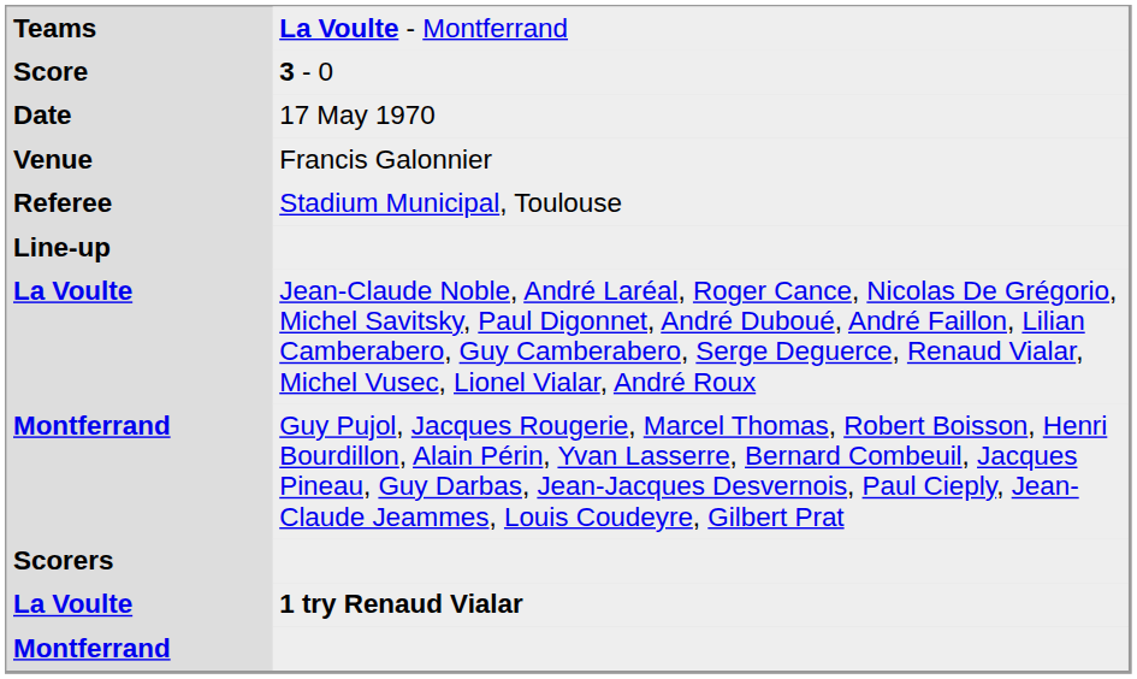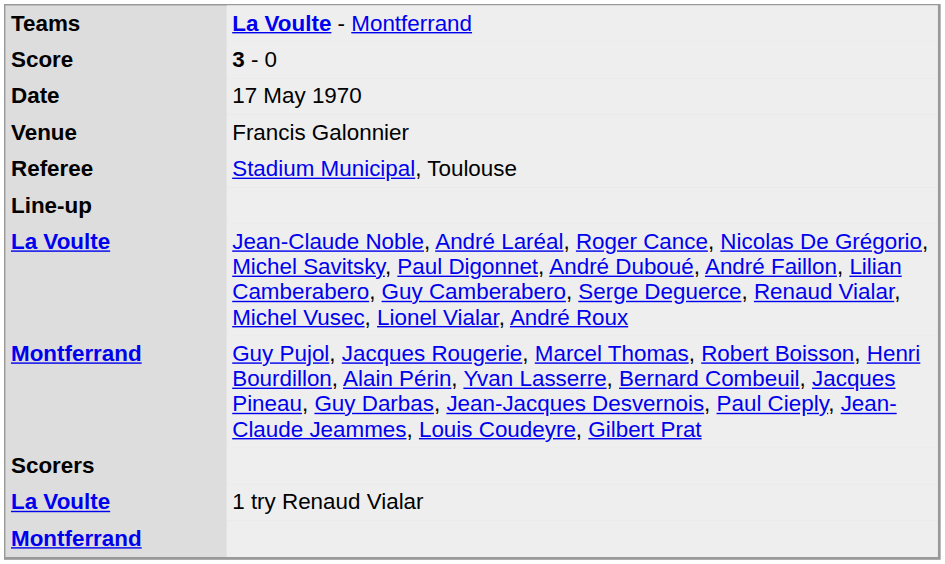 <table align="left" cellpadding="4" cellspacing="0"  style="margin: 0 0 0 0; border: 1px solid #999; border-right-width: 2px; border-bottom-width: 2px; background-color: #DDDDDD">
 <tr>
 <td width="150" valign="top"><strong>Teams</strong></td>
 <td width="500" bgcolor=#EEEEEE><strong><a href='#'>La Voulte</a></strong> - <a href='#'>Montferrand</a></td>
 </tr>
 <tr>
 <td valign="top"><strong>Score</strong></td>
 <td bgcolor=#EEEEEE><strong>3</strong> - 0</td>
 </tr>
 <tr>
 <td valign="top"><strong>Date</strong></td>
 <td bgcolor=#EEEEEE>17 May 1970</td>
 </tr>
 <tr>
 <td valign="top"><strong>Venue</strong></td>
 <td bgcolor=#EEEEEE>Francis Galonnier</td>
 </tr>
 <tr>
 <td valign="top"><strong>Referee</strong></td>
 <td bgcolor=#EEEEEE><a href='#'>Stadium Municipal</a>, Toulouse</td>
 </tr>
 <tr>
 <td valign="top"><strong>Line-up</strong></td>
 <td bgcolor=#EEEEEE></td>
 </tr>
 <tr>
 <td valign="top"><strong> <a href='#'>La Voulte</a> </strong></td>
 <td bgcolor=#EEEEEE><a href='#'>Jean-Claude Noble</a>, <a href='#'>André Laréal</a>, <a href='#'>Roger Cance</a>, <a href='#'>Nicolas De Grégorio</a>, <a href='#'>Michel Savitsky</a>, <a href='#'>Paul Digonnet</a>, <a href='#'>André Duboué</a>, <a href='#'>André Faillon</a>, <a href='#'>Lilian Camberabero</a>, <a href='#'>Guy Camberabero</a>, <a href='#'>Serge Deguerce</a>, <a href='#'>Renaud Vialar</a>, <a href='#'>Michel Vusec</a>, <a href='#'>Lionel Vialar</a>, <a href='#'>André Roux</a></td>
 </tr>
 <tr>
 <td valign="top"><strong><a href='#'>Montferrand</a></strong></td>
 <td bgcolor=#EEEEEE><a href='#'>Guy Pujol</a>, <a href='#'>Jacques Rougerie</a>, <a href='#'>Marcel Thomas</a>, <a href='#'>Robert Boisson</a>, <a href='#'>Henri Bourdillon</a>, <a href='#'>Alain Périn</a>, <a href='#'>Yvan Lasserre</a>, <a href='#'>Bernard Combeuil</a>, <a href='#'>Jacques Pineau</a>, <a href='#'>Guy Darbas</a>, <a href='#'>Jean-Jacques Desvernois</a>, <a href='#'>Paul Cieply</a>, <a href='#'>Jean-Claude Jeammes</a>, <a href='#'>Louis Coudeyre</a>, <a href='#'>Gilbert Prat</a></td>
 </tr>
 <tr>
 <td valign="top"><strong>Scorers</strong></td>
 <td bgcolor=#EEEEEE></td>
 </tr>
 <tr>
 <td valign="top"><strong> <a href='#'>La Voulte</a> </strong></td>
-<td bgcolor=#EEEEEE><strong>1 try Renaud Vialar</strong></td>
+<td bgcolor=#EEEEEE>1 try Renaud Vialar</td>
 </tr>
 <tr>
 <td valign="top"><strong><a href='#'>Montferrand</a></strong></td>
 <td bgcolor=#EEEEEE></td>
 </tr>
 </table>
